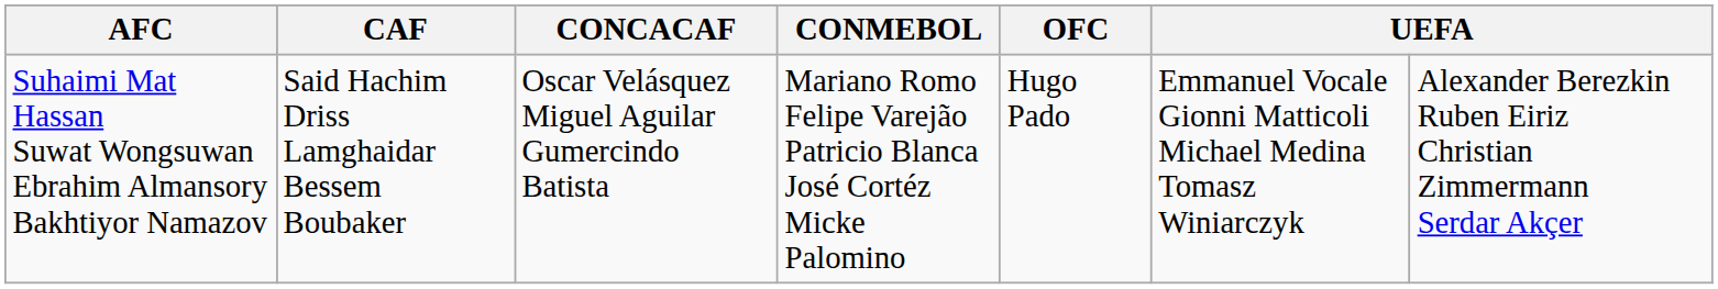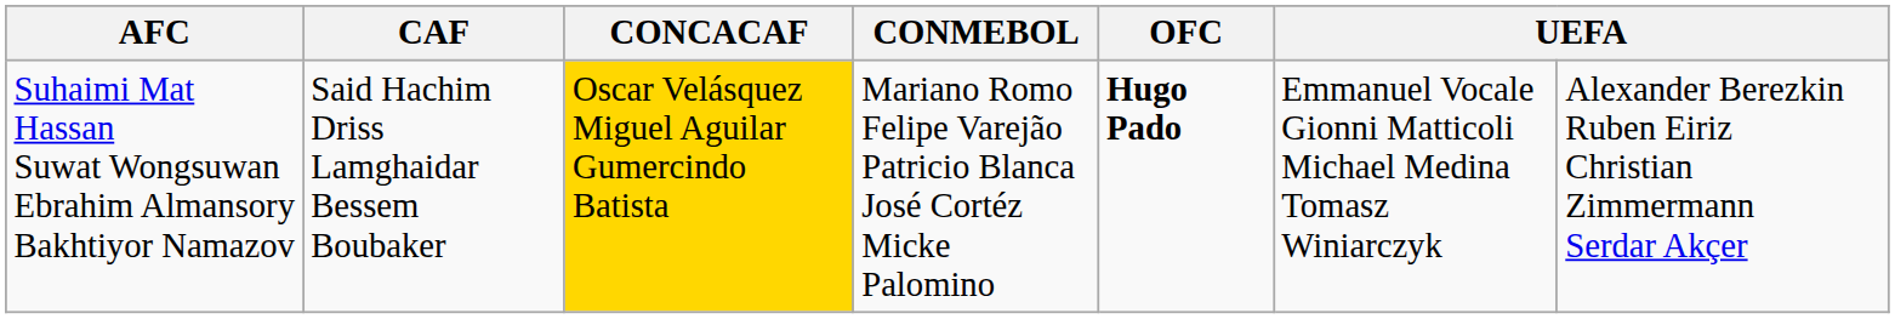 <table class="wikitable" style="text-align:left">
 <tr>
 <th>AFC</th>
 <th>CAF</th>
 <th>CONCACAF</th>
 <th>CONMEBOL</th>
 <th>OFC</th>
 <th colspan=2>UEFA</th>
 </tr>
 <tr valign="top">
 <td> <a href='#'>Suhaimi Mat Hassan</a><br> Suwat Wongsuwan<br> Ebrahim Almansory<br> Bakhtiyor Namazov</td>
 <td> Said Hachim<br> Driss Lamghaidar<br> Bessem Boubaker</td>
-<td> Oscar Velásquez<br> Miguel Aguilar<br> Gumercindo Batista</td>
+<td style="background: gold;"> Oscar Velásquez<br> Miguel Aguilar<br> Gumercindo Batista</td>
 <td> Mariano Romo<br> Felipe Varejão<br> Patricio Blanca<br> José Cortéz<br> Micke Palomino</td>
-<td> Hugo Pado</td>
+<td><strong> Hugo Pado</strong></td>
 <td> Emmanuel Vocale<br> Gionni Matticoli<br> Michael Medina<br> Tomasz Winiarczyk</td>
 <td> Alexander Berezkin<br> Ruben Eiriz<br> Christian Zimmermann<br> <a href='#'>Serdar Akçer</a></td>
 </tr>
 </table>
